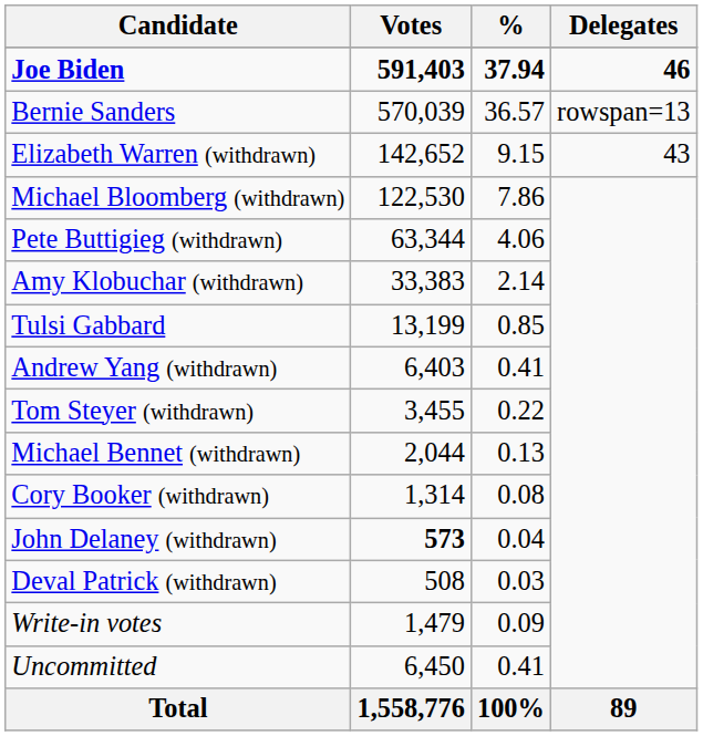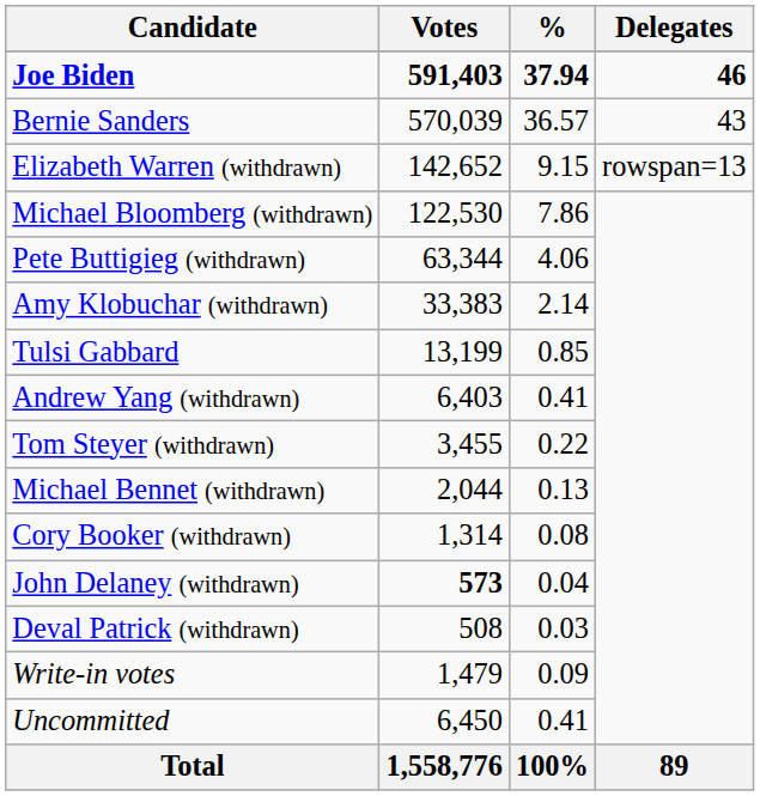 <table class="wikitable sortable" style="text-align:right;">
 <tr>
 <th>Candidate</th>
 <th>Votes</th>
 <th>%</th>
 <th>Delegates</th>
 </tr>
 <tr>
 </tr>
 <tr>
 <td style="text-align:left;" data-sort-value="Biden, Joe"><strong><a href='#'>Joe Biden</a></strong></td>
 <td><strong>591,403</strong></td>
 <td><strong>37.94</strong></td>
 <td><strong>46</strong></td>
 </tr>
 <tr>
 <td style="text-align:left;" data-sort-value="Sanders, Bernie"><a href='#'>Bernie Sanders</a></td>
 <td>570,039</td>
 <td>36.57</td>
-<td>rowspan=13 </td>
+<td>43</td>
 </tr>
 <tr>
 <td style="text-align:left;" data-sort-value="Warren, Elizabeth"><a href='#'>Elizabeth Warren</a> <small>(withdrawn)</small></td>
 <td>142,652</td>
 <td>9.15</td>
-<td>43</td>
+<td>rowspan=13 </td>
 </tr>
 <tr>
 <td style="text-align:left;" data-sort-value="Bloomberg, Michael"><a href='#'>Michael Bloomberg</a> <small>(withdrawn)</small></td>
 <td>122,530</td>
 <td>7.86</td>
 </tr>
 <tr>
 <td style="text-align:left;" data-sort-value="Buttigieg, Pete"><a href='#'>Pete Buttigieg</a> <small>(withdrawn)</small></td>
 <td>63,344</td>
 <td>4.06</td>
 </tr>
 <tr>
 <td style="text-align:left;" data-sort-value="Klobuchar, Amy"><a href='#'>Amy Klobuchar</a> <small>(withdrawn)</small></td>
 <td>33,383</td>
 <td>2.14</td>
 </tr>
 <tr>
 <td style="text-align:left;" data-sort-value="Gabbard, Tulsi"><a href='#'>Tulsi Gabbard</a></td>
 <td>13,199</td>
 <td>0.85</td>
 </tr>
 <tr>
 <td style="text-align:left;" data-sort-value="Yang, Andrew"><a href='#'>Andrew Yang</a> <small>(withdrawn)</small></td>
 <td>6,403</td>
 <td>0.41</td>
 </tr>
 <tr>
 <td style="text-align:left;" data-sort-value="Steyer, Tom"><a href='#'>Tom Steyer</a> <small>(withdrawn)</small></td>
 <td>3,455</td>
 <td>0.22</td>
 </tr>
 <tr>
 <td style="text-align:left;" data-sort-value="Bennet, Michael"><a href='#'>Michael Bennet</a> <small>(withdrawn)</small></td>
 <td>2,044</td>
 <td>0.13</td>
 </tr>
 <tr>
 <td style="text-align:left;" data-sort-value="Booker, Cory"><a href='#'>Cory Booker</a> <small>(withdrawn)</small></td>
 <td>1,314</td>
 <td>0.08</td>
 </tr>
 <tr>
 <td style="text-align:left;" data-sort-value="Delaney, John"><a href='#'>John Delaney</a> <small>(withdrawn)</small></td>
 <td><strong>573</strong></td>
 <td>0.04</td>
 </tr>
 <tr>
 <td style="text-align:left;" data-sort-value="Patrick, Deval"><a href='#'>Deval Patrick</a> <small>(withdrawn)</small></td>
 <td>508</td>
 <td>0.03</td>
 </tr>
 <tr>
 <td style="text-align:left;" data-sort-value="ZZA"><em>Write-in votes</em></td>
 <td>1,479</td>
 <td>0.09</td>
 </tr>
 <tr>
 <td style="text-align:left;" data-sort-value="ZZB"><em>Uncommitted</em></td>
 <td>6,450</td>
 <td>0.41</td>
 </tr>
 <tr>
 <th>Total</th>
 <th>1,558,776</th>
 <th>100%</th>
 <th>89</th>
 </tr>
 </table>
